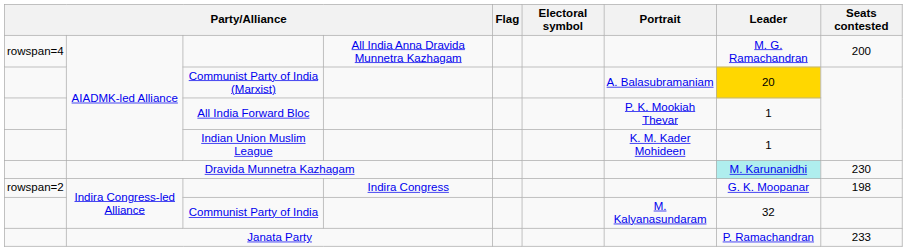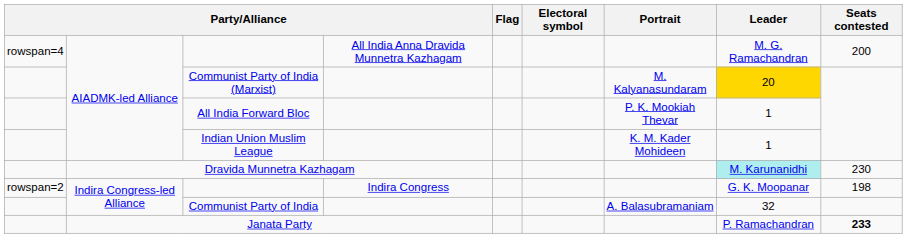 <table class="wikitable sortable" style="text-align:center;">
 <tr>
 <th colspan=4>Party/Alliance</th>
 <th>Flag</th>
 <th>Electoral symbol</th>
 <th>Portrait</th>
 <th>Leader</th>
 <th>Seats contested</th>
 </tr>
 <tr>
 <td>rowspan=4 </td>
 <td rowspan=4><a href='#'>AIADMK-led Alliance</a></td>
 <td></td>
 <td><a href='#'>All India Anna Dravida Munnetra Kazhagam</a></td>
 <td></td>
 <td></td>
 <td></td>
 <td><a href='#'>M. G. Ramachandran</a></td>
 <td>200</td>
 </tr>
 <tr>
 <td></td>
 <td><a href='#'>Communist Party of India (Marxist)</a></td>
 <td></td>
 <td></td>
 <td></td>
-<td><a href='#'>A. Balasubramaniam</a></td>
+<td><a href='#'>M. Kalyanasundaram</a></td>
 <td style="background: gold;">20</td>
 </tr>
 <tr>
 <td></td>
 <td><a href='#'>All India Forward Bloc</a></td>
 <td></td>
 <td></td>
 <td></td>
 <td><a href='#'>P. K. Mookiah Thevar</a></td>
 <td>1</td>
 </tr>
 <tr>
 <td></td>
 <td><a href='#'>Indian Union Muslim League</a></td>
 <td></td>
 <td></td>
 <td></td>
 <td><a href='#'>K. M. Kader Mohideen</a></td>
 <td>1</td>
 </tr>
 <tr>
 <td></td>
 <td colspan=3><a href='#'>Dravida Munnetra Kazhagam</a></td>
 <td></td>
 <td></td>
 <td></td>
 <td style="background: paleturquoise;"><a href='#'>M. Karunanidhi</a></td>
 <td>230</td>
 </tr>
 <tr>
 <td>rowspan=2 </td>
 <td rowspan=2><a href='#'>Indira Congress-led Alliance</a></td>
 <td></td>
 <td><a href='#'>Indira Congress</a></td>
 <td></td>
 <td></td>
 <td></td>
 <td><a href='#'>G. K. Moopanar</a></td>
 <td>198</td>
 </tr>
 <tr>
 <td></td>
 <td><a href='#'>Communist Party of India</a></td>
 <td></td>
 <td></td>
 <td></td>
-<td><a href='#'>M. Kalyanasundaram</a></td>
+<td><a href='#'>A. Balasubramaniam</a></td>
 <td>32</td>
 </tr>
 <tr>
 <td></td>
 <td colspan=3><a href='#'>Janata Party</a></td>
 <td></td>
 <td></td>
 <td></td>
 <td><a href='#'>P. Ramachandran</a></td>
-<td>233</td>
+<td><strong>233</strong></td>
 </tr>
 </table>
